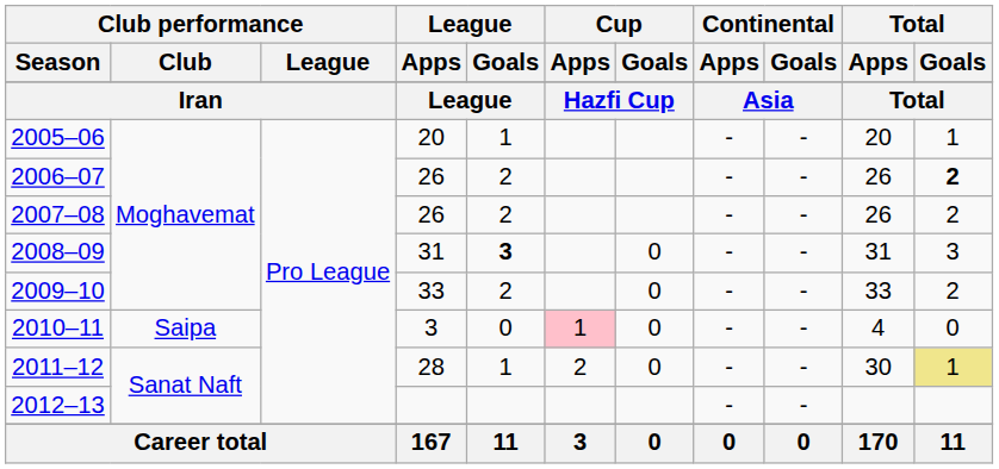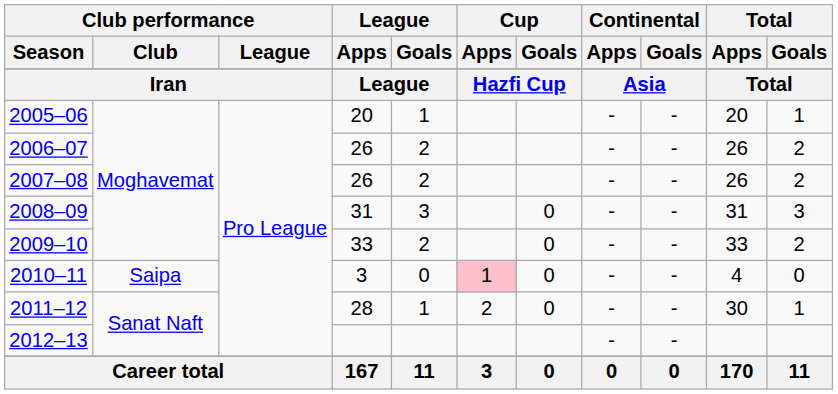 <table class="wikitable" style="text-align:center">
 <tr>
 <th colspan=3>Club performance</th>
 <th colspan=2>League</th>
 <th colspan=2>Cup</th>
 <th colspan=2>Continental</th>
 <th colspan=2>Total</th>
 </tr>
 <tr>
 <th>Season</th>
 <th>Club</th>
 <th>League</th>
 <th>Apps</th>
 <th>Goals</th>
 <th>Apps</th>
 <th>Goals</th>
 <th>Apps</th>
 <th>Goals</th>
 <th>Apps</th>
 <th>Goals</th>
 </tr>
 <tr>
 </tr>
 <tr>
 <th colspan=3>Iran</th>
 <th colspan=2>League</th>
 <th colspan=2><a href='#'>Hazfi Cup</a></th>
 <th colspan=2><a href='#'>Asia</a></th>
 <th colspan=2>Total</th>
 </tr>
 <tr>
 <td><a href='#'>2005–06</a></td>
 <td rowspan="5"><a href='#'>Moghavemat</a></td>
 <td rowspan="8"><a href='#'>Pro League</a></td>
 <td>20</td>
 <td>1</td>
 <td></td>
 <td></td>
 <td>-</td>
 <td>-</td>
 <td>20</td>
 <td>1</td>
 </tr>
 <tr>
 <td><a href='#'>2006–07</a></td>
 <td>26</td>
 <td>2</td>
 <td></td>
 <td></td>
 <td>-</td>
 <td>-</td>
 <td>26</td>
-<td><strong>2</strong></td>
+<td>2</td>
 </tr>
 <tr>
 <td><a href='#'>2007–08</a></td>
 <td>26</td>
 <td>2</td>
 <td></td>
 <td></td>
 <td>-</td>
 <td>-</td>
 <td>26</td>
 <td>2</td>
 </tr>
 <tr>
 <td><a href='#'>2008–09</a></td>
 <td>31</td>
-<td><strong>3</strong></td>
+<td>3</td>
 <td></td>
 <td>0</td>
 <td>-</td>
 <td>-</td>
 <td>31</td>
 <td>3</td>
 </tr>
 <tr>
 <td><a href='#'>2009–10</a></td>
 <td>33</td>
 <td>2</td>
 <td></td>
 <td>0</td>
 <td>-</td>
 <td>-</td>
 <td>33</td>
 <td>2</td>
 </tr>
 <tr>
 <td><a href='#'>2010–11</a></td>
 <td rowspan="1"><a href='#'>Saipa</a></td>
 <td>3</td>
 <td>0</td>
 <td style="background: pink;">1</td>
 <td>0</td>
 <td>-</td>
 <td>-</td>
 <td>4</td>
 <td>0</td>
 </tr>
 <tr>
 <td><a href='#'>2011–12</a></td>
 <td rowspan="2"><a href='#'>Sanat Naft</a></td>
 <td>28</td>
 <td>1</td>
 <td>2</td>
 <td>0</td>
 <td>-</td>
 <td>-</td>
 <td>30</td>
-<td style="background: khaki;">1</td>
+<td>1</td>
 </tr>
 <tr>
 <td><a href='#'>2012–13</a></td>
 <td></td>
 <td></td>
 <td></td>
 <td></td>
 <td>-</td>
 <td>-</td>
 <td></td>
 <td></td>
 </tr>
 <tr>
 </tr>
 <tr>
 <th colspan=3>Career total</th>
 <th>167</th>
 <th>11</th>
 <th>3</th>
 <th>0</th>
 <th>0</th>
 <th>0</th>
 <th>170</th>
 <th>11</th>
 </tr>
 </table>
